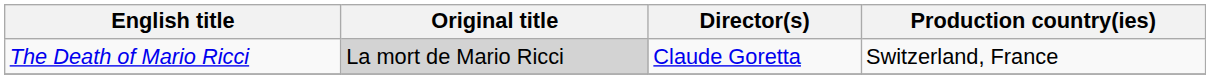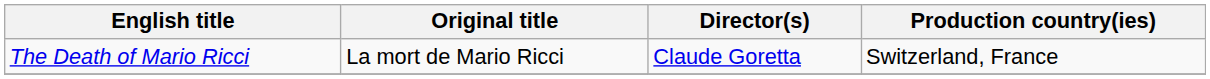 <table class="sortable wikitable" style="width:100%; margin-bottom:4px" cellpadding="5">
 <tr>
 <th scope="col">English title</th>
 <th scope="col">Original title</th>
 <th scope="col">Director(s)</th>
 <th scope="col">Production country(ies)</th>
 </tr>
 <tr>
 <td><em><a href='#'>The Death of Mario Ricci</a></em></td>
-<td style="background: lightgrey;">La mort de Mario Ricci</td>
+<td>La mort de Mario Ricci</td>
 <td><a href='#'>Claude Goretta</a></td>
 <td>Switzerland, France</td>
 </tr>
 <tr>
 </tr>
 </table>
